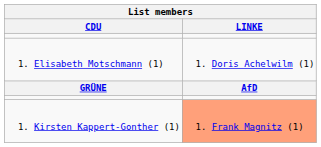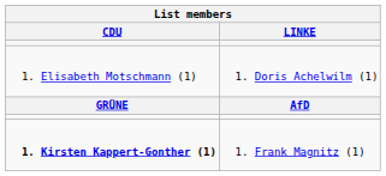 <table class=wikitable>
 <tr>
 <th colspan=3>List members</th>
 </tr>
 <tr>
 <th><a href='#'>CDU</a></th>
 <th><a href='#'>LINKE</a></th>
 </tr>
 <tr>
 <td bgcolor=></td>
 <td bgcolor=></td>
 </tr>
 <tr>
 <td><br><ol><li><a href='#'>Elisabeth Motschmann</a> (1)</li></ol></td>
 <td><br><ol><li><a href='#'>Doris Achelwilm</a> (1)</li></ol></td>
 </tr>
 <tr>
 <th><a href='#'>GRÜNE</a></th>
 <th><a href='#'>AfD</a></th>
 </tr>
 <tr>
 <td bgcolor=></td>
 <td bgcolor=></td>
 </tr>
 <tr>
-<td><br><ol><li><a href='#'>Kirsten Kappert-Gonther</a> (1)</li></ol></td>
-<td style="background: lightsalmon;"><br><ol><li><a href='#'>Frank Magnitz</a> (1)</li></ol></td>
+<td><strong><br><ol><li><a href='#'>Kirsten Kappert-Gonther</a> (1)</li></ol></strong></td>
+<td><br><ol><li><a href='#'>Frank Magnitz</a> (1)</li></ol></td>
 </tr>
 </table>
